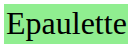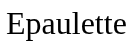 <table align="links">
 <tr>
 <td></td>
 </tr>
 <tr>
-<td align="center" style="background: lightgreen;">Epaulette</td>
+<td align="center">Epaulette</td>
 </tr>
 <tr>
 </tr>
 </table>
